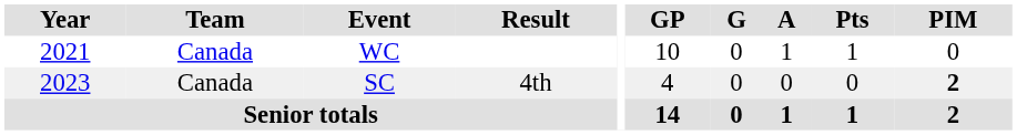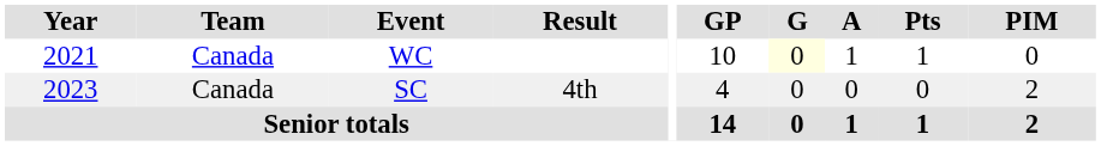 <table border="0" cellpadding="1" cellspacing="0" ID="Table3" style="text-align:center; width:40em">
 <tr ALIGN="center" bgcolor="#e0e0e0">
 <th>Year</th>
 <th>Team</th>
 <th>Event</th>
 <th>Result</th>
 <th rowspan="99" bgcolor="#ffffff"></th>
 <th>GP</th>
 <th>G</th>
 <th>A</th>
 <th>Pts</th>
 <th>PIM</th>
 </tr>
 <tr>
 <td><a href='#'>2021</a></td>
 <td><a href='#'>Canada</a></td>
 <td><a href='#'>WC</a></td>
 <td></td>
 <td>10</td>
-<td>0</td>
+<td style="background: lightyellow;">0</td>
 <td>1</td>
 <td>1</td>
 <td>0</td>
 </tr>
 <tr bgcolor="#f0f0f0">
 <td><a href='#'>2023</a></td>
 <td>Canada</td>
 <td><a href='#'>SC</a></td>
 <td>4th</td>
 <td>4</td>
 <td>0</td>
 <td>0</td>
 <td>0</td>
-<td><strong>2</strong></td>
+<td>2</td>
 </tr>
 <tr bgcolor="#e0e0e0">
 <th colspan="4">Senior totals</th>
 <th>14</th>
 <th>0</th>
 <th>1</th>
 <th>1</th>
 <th>2</th>
 </tr>
 </table>
